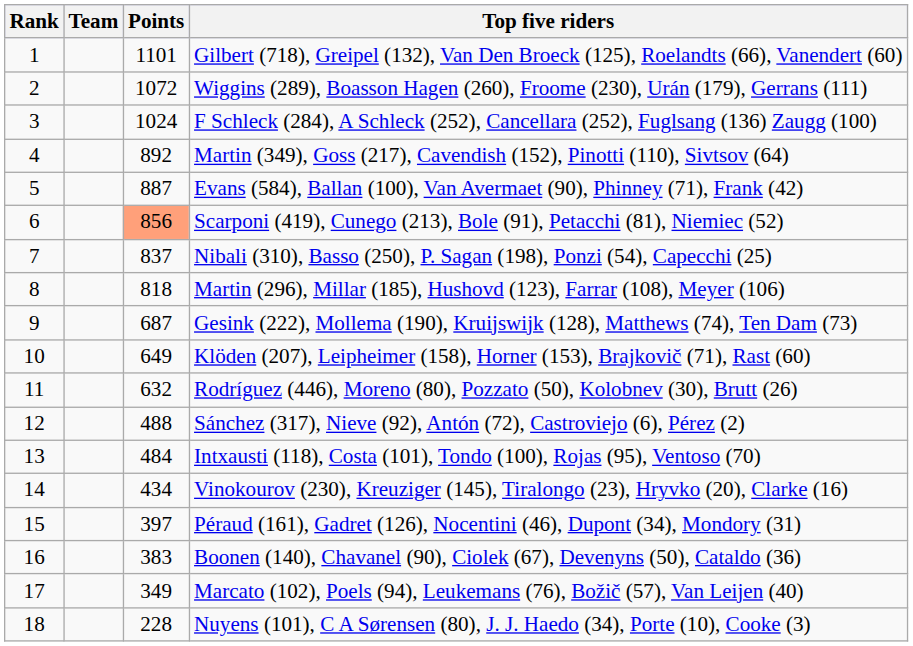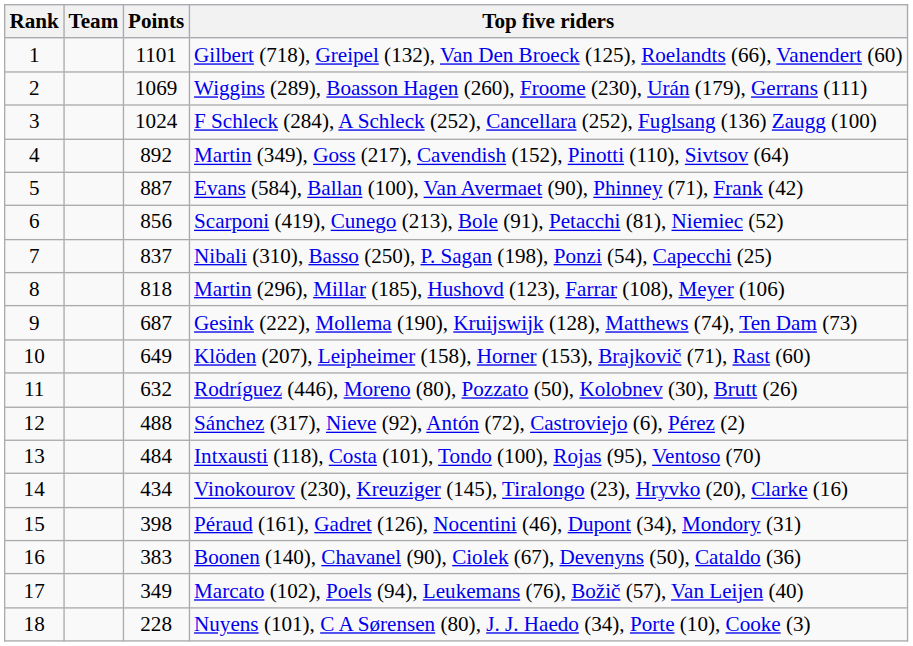 <table class="wikitable">
 <tr style="background:#ccf;">
 <th>Rank</th>
 <th>Team</th>
 <th>Points</th>
 <th>Top five riders</th>
 </tr>
 <tr>
 <td align=center>1</td>
 <td></td>
 <td align=center>1101</td>
 <td><a href='#'>Gilbert</a> (718), <a href='#'>Greipel</a> (132), <a href='#'>Van Den Broeck</a> (125), <a href='#'>Roelandts</a> (66), <a href='#'>Vanendert</a> (60)</td>
 </tr>
 <tr>
 <td align=center>2</td>
 <td></td>
-<td align=center>1072</td>
+<td align=center>1069</td>
 <td><a href='#'>Wiggins</a> (289), <a href='#'>Boasson Hagen</a> (260), <a href='#'>Froome</a> (230), <a href='#'>Urán</a> (179), <a href='#'>Gerrans</a> (111)</td>
 </tr>
 <tr>
 <td align=center>3</td>
 <td></td>
 <td align=center>1024</td>
 <td><a href='#'>F Schleck</a> (284), <a href='#'>A Schleck</a> (252), <a href='#'>Cancellara</a> (252), <a href='#'>Fuglsang</a> (136) <a href='#'>Zaugg</a> (100)</td>
 </tr>
 <tr>
 <td align=center>4</td>
 <td></td>
 <td align=center>892</td>
 <td><a href='#'>Martin</a> (349), <a href='#'>Goss</a> (217), <a href='#'>Cavendish</a> (152), <a href='#'>Pinotti</a> (110), <a href='#'>Sivtsov</a> (64)</td>
 </tr>
 <tr>
 <td align=center>5</td>
 <td></td>
 <td align=center>887</td>
 <td><a href='#'>Evans</a> (584), <a href='#'>Ballan</a> (100), <a href='#'>Van Avermaet</a> (90), <a href='#'>Phinney</a> (71), <a href='#'>Frank</a> (42)</td>
 </tr>
 <tr>
 <td align=center>6</td>
 <td></td>
-<td align=center style="background: lightsalmon;">856</td>
+<td align=center>856</td>
 <td><a href='#'>Scarponi</a> (419), <a href='#'>Cunego</a> (213), <a href='#'>Bole</a> (91), <a href='#'>Petacchi</a> (81), <a href='#'>Niemiec</a> (52)</td>
 </tr>
 <tr>
 <td align=center>7</td>
 <td></td>
 <td align=center>837</td>
 <td><a href='#'>Nibali</a> (310), <a href='#'>Basso</a> (250), <a href='#'>P. Sagan</a> (198), <a href='#'>Ponzi</a> (54), <a href='#'>Capecchi</a> (25)</td>
 </tr>
 <tr>
 <td align=center>8</td>
 <td></td>
 <td align=center>818</td>
 <td><a href='#'>Martin</a> (296), <a href='#'>Millar</a> (185), <a href='#'>Hushovd</a> (123), <a href='#'>Farrar</a> (108), <a href='#'>Meyer</a> (106)</td>
 </tr>
 <tr>
 <td align=center>9</td>
 <td></td>
 <td align=center>687</td>
 <td><a href='#'>Gesink</a> (222), <a href='#'>Mollema</a> (190), <a href='#'>Kruijswijk</a> (128), <a href='#'>Matthews</a> (74), <a href='#'>Ten Dam</a> (73)</td>
 </tr>
 <tr>
 <td align=center>10</td>
 <td></td>
 <td align=center>649</td>
 <td><a href='#'>Klöden</a> (207), <a href='#'>Leipheimer</a> (158), <a href='#'>Horner</a> (153), <a href='#'>Brajkovič</a> (71), <a href='#'>Rast</a> (60)</td>
 </tr>
 <tr>
 <td align=center>11</td>
 <td></td>
 <td align=center>632</td>
 <td><a href='#'>Rodríguez</a> (446), <a href='#'>Moreno</a> (80), <a href='#'>Pozzato</a> (50), <a href='#'>Kolobnev</a> (30), <a href='#'>Brutt</a> (26)</td>
 </tr>
 <tr>
 <td align=center>12</td>
 <td></td>
 <td align=center>488</td>
 <td><a href='#'>Sánchez</a> (317), <a href='#'>Nieve</a> (92), <a href='#'>Antón</a> (72), <a href='#'>Castroviejo</a> (6), <a href='#'>Pérez</a> (2)</td>
 </tr>
 <tr>
 <td align=center>13</td>
 <td></td>
 <td align=center>484</td>
 <td><a href='#'>Intxausti</a> (118), <a href='#'>Costa</a> (101), <a href='#'>Tondo</a> (100),  <a href='#'>Rojas</a> (95), <a href='#'>Ventoso</a> (70)</td>
 </tr>
 <tr>
 <td align=center>14</td>
 <td></td>
 <td align=center>434</td>
 <td><a href='#'>Vinokourov</a> (230), <a href='#'>Kreuziger</a> (145), <a href='#'>Tiralongo</a> (23), <a href='#'>Hryvko</a> (20), <a href='#'>Clarke</a> (16)</td>
 </tr>
 <tr>
 <td align=center>15</td>
 <td></td>
-<td align=center>397</td>
+<td align=center>398</td>
 <td><a href='#'>Péraud</a> (161), <a href='#'>Gadret</a> (126), <a href='#'>Nocentini</a> (46), <a href='#'>Dupont</a> (34), <a href='#'>Mondory</a> (31)</td>
 </tr>
 <tr>
 <td align=center>16</td>
 <td></td>
 <td align=center>383</td>
 <td><a href='#'>Boonen</a> (140), <a href='#'>Chavanel</a> (90), <a href='#'>Ciolek</a> (67), <a href='#'>Devenyns</a> (50), <a href='#'>Cataldo</a> (36)</td>
 </tr>
 <tr>
 <td align=center>17</td>
 <td></td>
 <td align=center>349</td>
 <td><a href='#'>Marcato</a> (102), <a href='#'>Poels</a> (94), <a href='#'>Leukemans</a> (76), <a href='#'>Božič</a> (57), <a href='#'>Van Leijen</a> (40)</td>
 </tr>
 <tr>
 <td align=center>18</td>
 <td></td>
 <td align=center>228</td>
 <td><a href='#'>Nuyens</a> (101), <a href='#'>C A Sørensen</a> (80), <a href='#'>J. J. Haedo</a> (34), <a href='#'>Porte</a> (10), <a href='#'>Cooke</a> (3)</td>
 </tr>
 </table>
